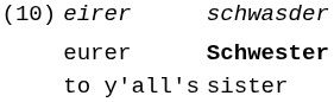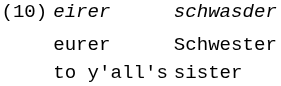 <table>
 <tr>
 <td>(10)</td>
 <td><em>eirer</em></td>
 <td><em>schwasder</em></td>
 </tr>
 <tr>
 <td></td>
 <td></td>
 <td></td>
 </tr>
 <tr>
 <td></td>
 <td>eurer</td>
-<td><strong>Schwester</strong></td>
+<td>Schwester</td>
 </tr>
 <tr>
 <td></td>
 <td>to y'all's</td>
 <td>sister</td>
 </tr>
 </table>
